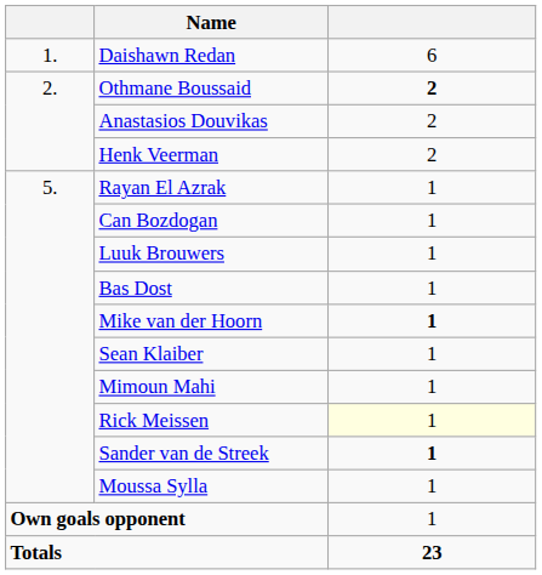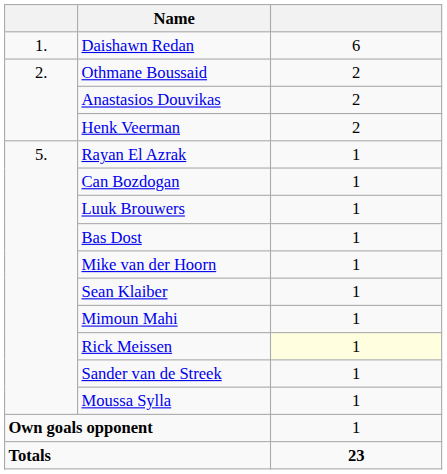 <table class="wikitable" style="font-size: 95%; text-align: center;">
 <tr>
 <th style="width: 60px;"></th>
 <th style="width: 170px;">Name</th>
 <th style="width: 150px;"></th>
 </tr>
 <tr>
 <td rowspan="1" style="vertical-align: top;">1.</td>
 <td style="text-align: left;"><strong></strong> <a href='#'>Daishawn Redan</a></td>
 <td>6</td>
 </tr>
 <tr>
 <td rowspan="3" style="vertical-align: top;">2.</td>
 <td style="text-align: left;"><strong></strong> <a href='#'>Othmane Boussaid</a></td>
-<td><strong>2</strong></td>
+<td>2</td>
 </tr>
 <tr>
 <td style="text-align: left;"><strong></strong> <a href='#'>Anastasios Douvikas</a></td>
 <td>2</td>
 </tr>
 <tr>
 <td style="text-align: left;"><strong></strong> <a href='#'>Henk Veerman</a></td>
 <td>2</td>
 </tr>
 <tr>
 <td rowspan="10" style="vertical-align: top;">5.</td>
 <td style="text-align: left;"><strong></strong> <a href='#'>Rayan El Azrak</a></td>
 <td>1</td>
 </tr>
 <tr>
 <td style="text-align: left;"><strong></strong> <a href='#'>Can Bozdogan</a></td>
 <td>1</td>
 </tr>
 <tr>
 <td style="text-align: left;"><strong></strong> <a href='#'>Luuk Brouwers</a></td>
 <td>1</td>
 </tr>
 <tr>
 <td style="text-align: left;"><strong></strong> <a href='#'>Bas Dost</a></td>
 <td>1</td>
 </tr>
 <tr>
 <td style="text-align: left;"><strong></strong> <a href='#'>Mike van der Hoorn</a></td>
-<td><strong>1</strong></td>
+<td>1</td>
 </tr>
 <tr>
 <td style="text-align: left;"><strong></strong> <a href='#'>Sean Klaiber</a></td>
 <td>1</td>
 </tr>
 <tr>
 <td style="text-align: left;"><strong></strong> <a href='#'>Mimoun Mahi</a></td>
 <td>1</td>
 </tr>
 <tr>
 <td style="text-align: left;"><strong></strong> <a href='#'>Rick Meissen</a></td>
 <td style="background: lightyellow;">1</td>
 </tr>
 <tr>
 <td style="text-align: left;"><strong></strong> <a href='#'>Sander van de Streek</a></td>
-<td><strong>1</strong></td>
+<td>1</td>
 </tr>
 <tr>
 <td style="text-align: left;"><strong></strong> <a href='#'>Moussa Sylla</a></td>
 <td>1</td>
 </tr>
 <tr>
 <td colspan="2" style="text-align: left;"><strong>Own goals opponent</strong></td>
 <td>1</td>
 </tr>
 <tr>
 <td colspan="2" style="text-align: left;"><strong>Totals</strong></td>
 <td><strong>23</strong></td>
 </tr>
 </table>
